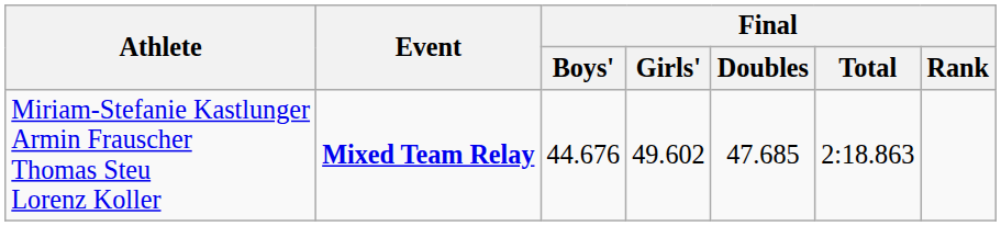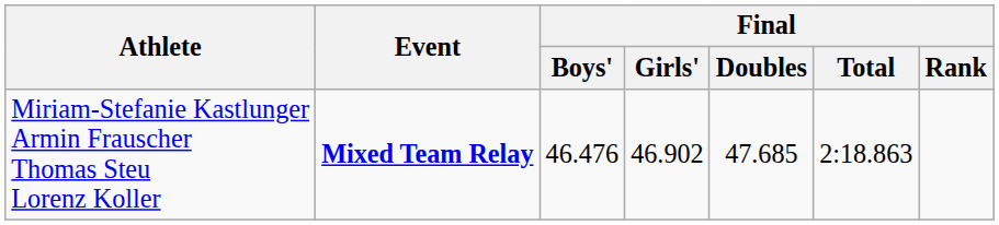 <table class="wikitable">
 <tr>
 <th rowspan="2">Athlete</th>
 <th rowspan="2">Event</th>
 <th colspan="5">Final</th>
 </tr>
 <tr>
 <th>Boys'</th>
 <th>Girls'</th>
 <th>Doubles</th>
 <th>Total</th>
 <th>Rank</th>
 </tr>
 <tr>
 <td><a href='#'>Miriam-Stefanie Kastlunger</a><br><a href='#'>Armin Frauscher</a><br><a href='#'>Thomas Steu</a><br><a href='#'>Lorenz Koller</a></td>
 <td><strong><a href='#'>Mixed Team Relay</a></strong></td>
-<td align="center">44.676</td>
-<td align="center">49.602</td>
+<td align="center">46.476</td>
+<td align="center">46.902</td>
 <td align="center">47.685</td>
 <td align="center">2:18.863</td>
 <td align="center"></td>
 </tr>
 </table>
